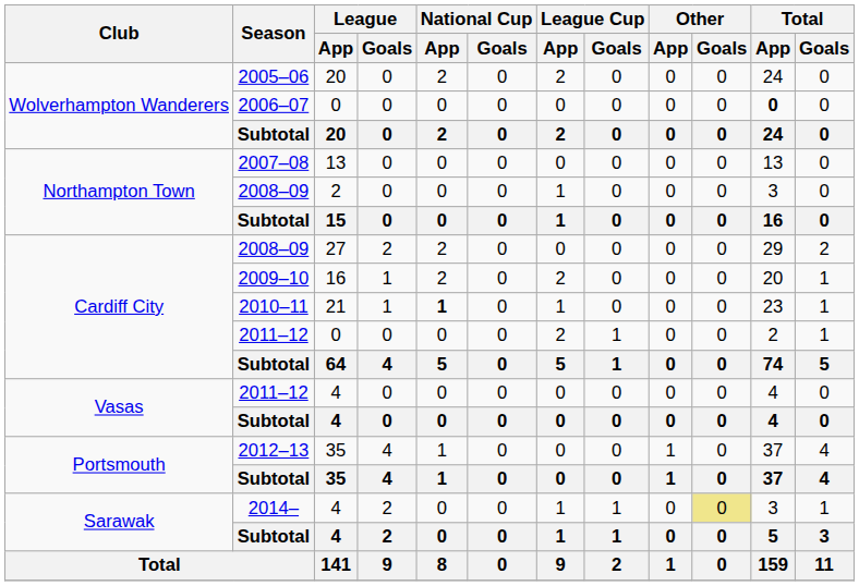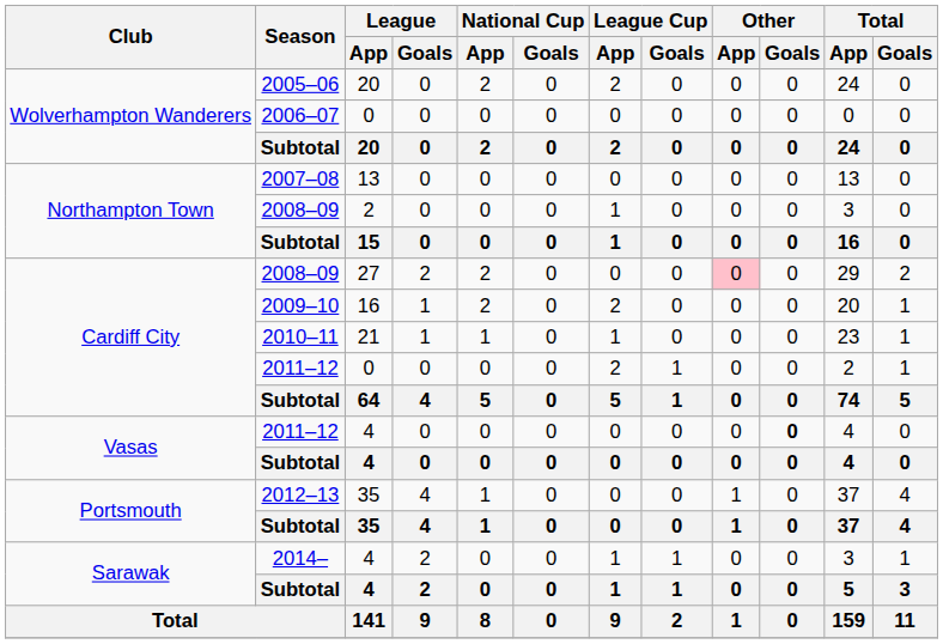 <table class="wikitable">
 <tr>
 <th rowspan=2>Club</th>
 <th rowspan=2>Season</th>
 <th colspan=2>League</th>
 <th colspan=2>National Cup</th>
 <th colspan=2>League Cup</th>
 <th colspan=2>Other</th>
 <th colspan=2>Total</th>
 </tr>
 <tr>
 <th>App</th>
 <th>Goals</th>
 <th>App</th>
 <th>Goals</th>
 <th>App</th>
 <th>Goals</th>
 <th>App</th>
 <th>Goals</th>
 <th>App</th>
 <th>Goals</th>
 </tr>
 <tr align=center>
 <td rowspan=3><a href='#'>Wolverhampton Wanderers</a></td>
 <td><a href='#'>2005–06</a></td>
 <td>20</td>
 <td>0</td>
 <td>2</td>
 <td>0</td>
 <td>2</td>
 <td>0</td>
 <td>0</td>
 <td>0</td>
 <td>24</td>
 <td>0</td>
 </tr>
 <tr align=center>
 <td><a href='#'>2006–07</a></td>
 <td>0</td>
 <td>0</td>
 <td>0</td>
 <td>0</td>
 <td>0</td>
 <td>0</td>
 <td>0</td>
 <td>0</td>
-<td><strong>0</strong></td>
+<td>0</td>
 <td>0</td>
 </tr>
 <tr>
 <th>Subtotal</th>
 <th>20</th>
 <th>0</th>
 <th>2</th>
 <th>0</th>
 <th>2</th>
 <th>0</th>
 <th>0</th>
 <th>0</th>
 <th>24</th>
 <th>0</th>
 </tr>
 <tr align=center>
 <td rowspan=3><a href='#'>Northampton Town</a></td>
 <td><a href='#'>2007–08</a></td>
 <td>13</td>
 <td>0</td>
 <td>0</td>
 <td>0</td>
 <td>0</td>
 <td>0</td>
 <td>0</td>
 <td>0</td>
 <td>13</td>
 <td>0</td>
 </tr>
 <tr align=center>
 <td><a href='#'>2008–09</a></td>
 <td>2</td>
 <td>0</td>
 <td>0</td>
 <td>0</td>
 <td>1</td>
 <td>0</td>
 <td>0</td>
 <td>0</td>
 <td>3</td>
 <td>0</td>
 </tr>
 <tr>
 <th>Subtotal</th>
 <th>15</th>
 <th>0</th>
 <th>0</th>
 <th>0</th>
 <th>1</th>
 <th>0</th>
 <th>0</th>
 <th>0</th>
 <th>16</th>
 <th>0</th>
 </tr>
 <tr align=center>
 <td rowspan=5><a href='#'>Cardiff City</a></td>
 <td><a href='#'>2008–09</a></td>
 <td>27</td>
 <td>2</td>
 <td>2</td>
 <td>0</td>
 <td>0</td>
 <td>0</td>
-<td>0</td>
+<td style="background: pink;">0</td>
 <td>0</td>
 <td>29</td>
 <td>2</td>
 </tr>
 <tr align=center>
 <td><a href='#'>2009–10</a></td>
 <td>16</td>
 <td>1</td>
 <td>2</td>
 <td>0</td>
 <td>2</td>
 <td>0</td>
 <td>0</td>
 <td>0</td>
 <td>20</td>
 <td>1</td>
 </tr>
 <tr align=center>
 <td><a href='#'>2010–11</a></td>
 <td>21</td>
 <td>1</td>
-<td><strong>1</strong></td>
+<td>1</td>
 <td>0</td>
 <td>1</td>
 <td>0</td>
 <td>0</td>
 <td>0</td>
 <td>23</td>
 <td>1</td>
 </tr>
 <tr align=center>
 <td><a href='#'>2011–12</a></td>
 <td>0</td>
 <td>0</td>
 <td>0</td>
 <td>0</td>
 <td>2</td>
 <td>1</td>
 <td>0</td>
 <td>0</td>
 <td>2</td>
 <td>1</td>
 </tr>
 <tr>
 <th>Subtotal</th>
 <th>64</th>
 <th>4</th>
 <th>5</th>
 <th>0</th>
 <th>5</th>
 <th>1</th>
 <th>0</th>
 <th>0</th>
 <th>74</th>
 <th>5</th>
 </tr>
 <tr align=center>
 <td rowspan=2><a href='#'>Vasas</a></td>
 <td><a href='#'>2011–12</a></td>
 <td>4</td>
 <td>0</td>
 <td>0</td>
 <td>0</td>
 <td>0</td>
 <td>0</td>
 <td>0</td>
-<td>0</td>
+<td><strong>0</strong></td>
 <td>4</td>
 <td>0</td>
 </tr>
 <tr>
 <th>Subtotal</th>
 <th>4</th>
 <th>0</th>
 <th>0</th>
 <th>0</th>
 <th>0</th>
 <th>0</th>
 <th>0</th>
 <th>0</th>
 <th>4</th>
 <th>0</th>
 </tr>
 <tr align=center>
 <td rowspan=2><a href='#'>Portsmouth</a></td>
 <td><a href='#'>2012–13</a></td>
 <td>35</td>
 <td>4</td>
 <td>1</td>
 <td>0</td>
 <td>0</td>
 <td>0</td>
 <td>1</td>
 <td>0</td>
 <td>37</td>
 <td>4</td>
 </tr>
 <tr>
 <th>Subtotal</th>
 <th>35</th>
 <th>4</th>
 <th>1</th>
 <th>0</th>
 <th>0</th>
 <th>0</th>
 <th>1</th>
 <th>0</th>
 <th>37</th>
 <th>4</th>
 </tr>
 <tr align=center>
 <td rowspan=2><a href='#'>Sarawak</a></td>
 <td><a href='#'>2014–</a></td>
 <td>4</td>
 <td>2</td>
 <td>0</td>
 <td>0</td>
 <td>1</td>
 <td>1</td>
 <td>0</td>
-<td style="background: khaki;">0</td>
+<td>0</td>
 <td>3</td>
 <td>1</td>
 </tr>
 <tr>
 <th>Subtotal</th>
 <th>4</th>
 <th>2</th>
 <th>0</th>
 <th>0</th>
 <th>1</th>
 <th>1</th>
 <th>0</th>
 <th>0</th>
 <th>5</th>
 <th>3</th>
 </tr>
 <tr>
 <th colspan=2>Total</th>
 <th>141</th>
 <th>9</th>
 <th>8</th>
 <th>0</th>
 <th>9</th>
 <th>2</th>
 <th>1</th>
 <th>0</th>
 <th>159</th>
 <th>11</th>
 </tr>
 <tr>
 </tr>
 </table>
